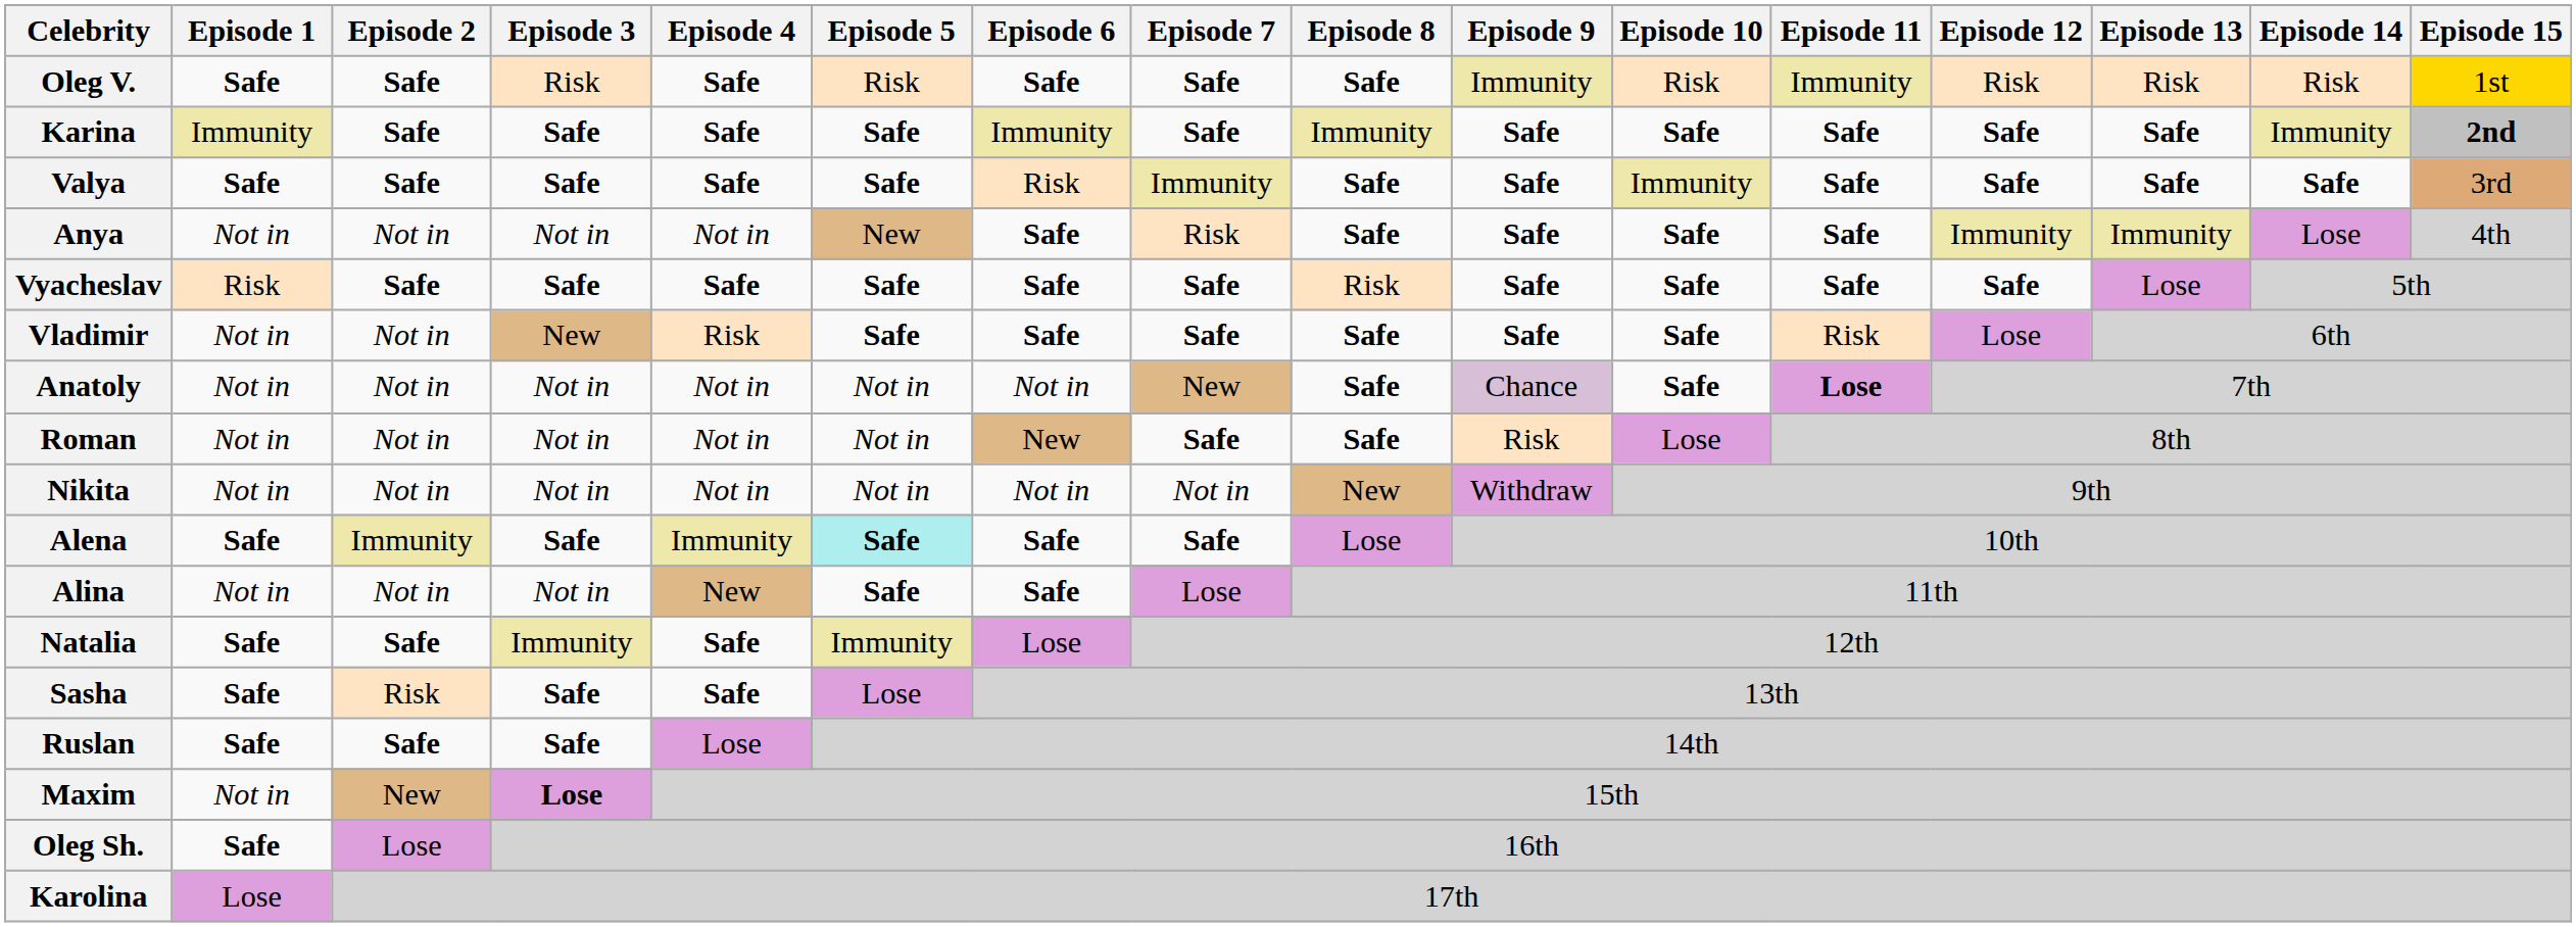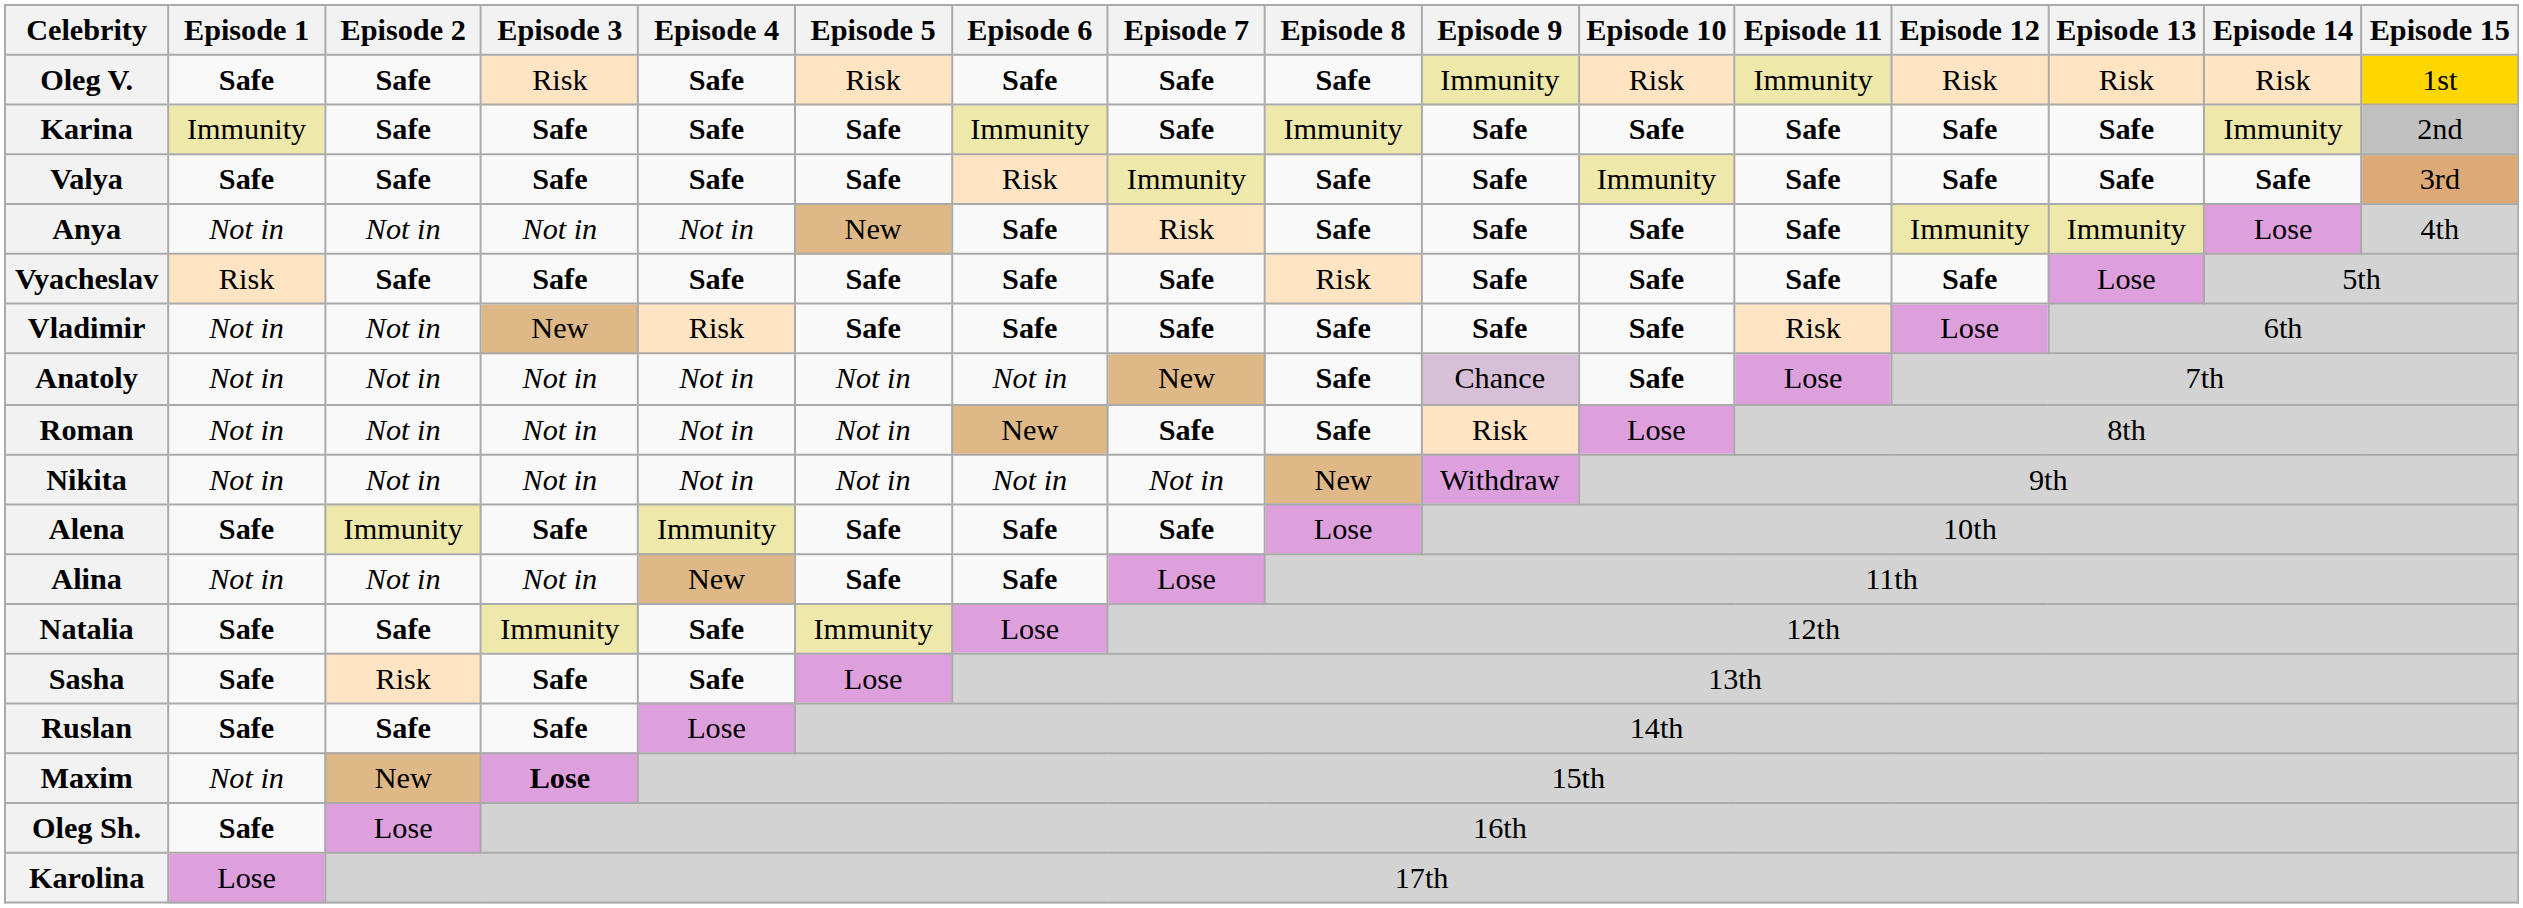 <table class="wikitable" style="text-align:center; font-size:95%; width:100%;">
 <tr>
 <th style="width:6%">Celebrity</th>
 <th style="width:6%">Episode 1</th>
 <th style="width:6%">Episode 2</th>
 <th style="width:6%">Episode 3</th>
 <th style="width:6%">Episode 4</th>
 <th style="width:6%">Episode 5</th>
 <th style="width:6%">Episode 6</th>
 <th style="width:6%">Episode 7</th>
 <th style="width:6%">Episode 8</th>
 <th style="width:6%">Episode 9</th>
 <th style="width:6%">Episode 10</th>
 <th style="width:6%">Episode 11</th>
 <th style="width:6%">Episode 12</th>
 <th style="width:6%">Episode 13</th>
 <th style="width:6%">Episode 14</th>
 <th style="width:6%">Episode 15</th>
 </tr>
 <tr>
 <th>Oleg V.</th>
 <td><strong>Safe</strong></td>
 <td><strong>Safe</strong></td>
 <td style="background:#FFE4C4">Risk</td>
 <td><strong>Safe</strong></td>
 <td style="background:#FFE4C4">Risk</td>
 <td><strong>Safe</strong></td>
 <td><strong>Safe</strong></td>
 <td><strong>Safe</strong></td>
 <td style="background:#EEE8AA">Immunity</td>
 <td style="background:#FFE4C4">Risk</td>
 <td style="background:#EEE8AA">Immunity</td>
 <td style="background:#FFE4C4">Risk</td>
 <td style="background:#FFE4C4">Risk</td>
 <td style="background:#FFE4C4">Risk</td>
 <td style="background:gold">1st</td>
 </tr>
 <tr>
 <th>Karina</th>
 <td style="background:#EEE8AA">Immunity</td>
 <td><strong>Safe</strong></td>
 <td><strong>Safe</strong></td>
 <td><strong>Safe</strong></td>
 <td><strong>Safe</strong></td>
 <td style="background:#EEE8AA">Immunity</td>
 <td><strong>Safe</strong></td>
 <td style="background:#EEE8AA">Immunity</td>
 <td><strong>Safe</strong></td>
 <td><strong>Safe</strong></td>
 <td><strong>Safe</strong></td>
 <td><strong>Safe</strong></td>
 <td><strong>Safe</strong></td>
 <td style="background:#EEE8AA">Immunity</td>
-<td style="background:silver"><strong>2nd</strong></td>
+<td style="background:silver">2nd</td>
 </tr>
 <tr>
 <th>Valya</th>
 <td><strong>Safe</strong></td>
 <td><strong>Safe</strong></td>
 <td><strong>Safe</strong></td>
 <td><strong>Safe</strong></td>
 <td><strong>Safe</strong></td>
 <td style="background:#FFE4C4">Risk</td>
 <td style="background:#EEE8AA">Immunity</td>
 <td><strong>Safe</strong></td>
 <td><strong>Safe</strong></td>
 <td style="background:#EEE8AA">Immunity</td>
 <td><strong>Safe</strong></td>
 <td><strong>Safe</strong></td>
 <td><strong>Safe</strong></td>
 <td><strong>Safe</strong></td>
 <td style="background:#da7">3rd</td>
 </tr>
 <tr>
 <th>Anya</th>
 <td><em>Not in</em></td>
 <td><em>Not in</em></td>
 <td><em>Not in</em></td>
 <td><em>Not in</em></td>
 <td style="background:#DEB887">New</td>
 <td><strong>Safe</strong></td>
 <td style="background:#FFE4C4">Risk</td>
 <td><strong>Safe</strong></td>
 <td><strong>Safe</strong></td>
 <td><strong>Safe</strong></td>
 <td><strong>Safe</strong></td>
 <td style="background:#EEE8AA">Immunity</td>
 <td style="background:#EEE8AA">Immunity</td>
 <td style="background:#DDA0DD">Lose</td>
 <td style="background:lightgrey" colspan=1>4th</td>
 </tr>
 <tr>
 <th>Vyacheslav</th>
 <td style="background:#FFE4C4">Risk</td>
 <td><strong>Safe</strong></td>
 <td><strong>Safe</strong></td>
 <td><strong>Safe</strong></td>
 <td><strong>Safe</strong></td>
 <td><strong>Safe</strong></td>
 <td><strong>Safe</strong></td>
 <td style="background:#FFE4C4">Risk</td>
 <td><strong>Safe</strong></td>
 <td><strong>Safe</strong></td>
 <td><strong>Safe</strong></td>
 <td><strong>Safe</strong></td>
 <td style="background:#DDA0DD">Lose</td>
 <td style="background:lightgrey" colspan=2>5th</td>
 </tr>
 <tr>
 <th>Vladimir</th>
 <td><em>Not in</em></td>
 <td><em>Not in</em></td>
 <td style="background:#DEB887">New</td>
 <td style="background:#FFE4C4">Risk</td>
 <td><strong>Safe</strong></td>
 <td><strong>Safe</strong></td>
 <td><strong>Safe</strong></td>
 <td><strong>Safe</strong></td>
 <td><strong>Safe</strong></td>
 <td><strong>Safe</strong></td>
 <td style="background:#FFE4C4">Risk</td>
 <td style="background:#DDA0DD">Lose</td>
 <td style="background:lightgrey" colspan=3>6th</td>
 </tr>
 <tr>
 <th>Anatoly</th>
 <td><em>Not in</em></td>
 <td><em>Not in</em></td>
 <td><em>Not in</em></td>
 <td><em>Not in</em></td>
 <td><em>Not in</em></td>
 <td><em>Not in</em></td>
 <td style="background:#DEB887">New</td>
 <td><strong>Safe</strong></td>
 <td style="background:#D8BFD8">Chance</td>
 <td><strong>Safe</strong></td>
-<td style="background:#DDA0DD"><strong>Lose</strong></td>
+<td style="background:#DDA0DD">Lose</td>
 <td style="background:lightgrey" colspan=4>7th</td>
 </tr>
 <tr>
 <th>Roman</th>
 <td><em>Not in</em></td>
 <td><em>Not in</em></td>
 <td><em>Not in</em></td>
 <td><em>Not in</em></td>
 <td><em>Not in</em></td>
 <td style="background:#DEB887">New</td>
 <td><strong>Safe</strong></td>
 <td><strong>Safe</strong></td>
 <td style="background:#FFE4C4">Risk</td>
 <td style="background:#DDA0DD">Lose</td>
 <td style="background:lightgrey" colspan=5>8th</td>
 </tr>
 <tr>
 <th>Nikita</th>
 <td><em>Not in</em></td>
 <td><em>Not in</em></td>
 <td><em>Not in</em></td>
 <td><em>Not in</em></td>
 <td><em>Not in</em></td>
 <td><em>Not in</em></td>
 <td><em>Not in</em></td>
 <td style="background:#DEB887">New</td>
 <td style="background:#DDA0DD">Withdraw</td>
 <td style="background:lightgrey" colspan=6>9th</td>
 </tr>
 <tr>
 <th>Alena</th>
 <td><strong>Safe</strong></td>
 <td style="background:#EEE8AA">Immunity</td>
 <td><strong>Safe</strong></td>
 <td style="background:#EEE8AA">Immunity</td>
-<td style="background: paleturquoise;"><strong>Safe</strong></td>
+<td><strong>Safe</strong></td>
 <td><strong>Safe</strong></td>
 <td><strong>Safe</strong></td>
 <td style="background:#DDA0DD">Lose</td>
 <td style="background:lightgrey" colspan=7>10th</td>
 </tr>
 <tr>
 <th>Alina</th>
 <td><em>Not in</em></td>
 <td><em>Not in</em></td>
 <td><em>Not in</em></td>
 <td style="background:#DEB887">New</td>
 <td><strong>Safe</strong></td>
 <td><strong>Safe</strong></td>
 <td style="background:#DDA0DD">Lose</td>
 <td style="background:lightgrey" colspan=8>11th</td>
 </tr>
 <tr>
 <th>Natalia</th>
 <td><strong>Safe</strong></td>
 <td><strong>Safe</strong></td>
 <td style="background:#EEE8AA">Immunity</td>
 <td><strong>Safe</strong></td>
 <td style="background:#EEE8AA">Immunity</td>
 <td style="background:#DDA0DD">Lose</td>
 <td style="background:lightgrey" colspan=9>12th</td>
 </tr>
 <tr>
 <th>Sasha</th>
 <td><strong>Safe</strong></td>
 <td style="background:#FFE4C4">Risk</td>
 <td><strong>Safe</strong></td>
 <td><strong>Safe</strong></td>
 <td style="background:#DDA0DD">Lose</td>
 <td style="background:lightgrey" colspan=10>13th</td>
 </tr>
 <tr>
 <th>Ruslan</th>
 <td><strong>Safe</strong></td>
 <td><strong>Safe</strong></td>
 <td><strong>Safe</strong></td>
 <td style="background:#DDA0DD">Lose</td>
 <td style="background:lightgrey" colspan=11>14th</td>
 </tr>
 <tr>
 <th>Maxim</th>
 <td><em>Not in</em></td>
 <td style="background:#DEB887">New</td>
 <td style="background:#DDA0DD"><strong>Lose</strong></td>
 <td style="background:lightgrey" colspan=12>15th</td>
 </tr>
 <tr>
 <th>Oleg Sh.</th>
 <td><strong>Safe</strong></td>
 <td style="background:#DDA0DD">Lose</td>
 <td style="background:lightgrey" colspan=13>16th</td>
 </tr>
 <tr>
 <th>Karolina</th>
 <td style="background:#DDA0DD">Lose</td>
 <td style="background:lightgrey" colspan=14>17th</td>
 </tr>
 </table>
